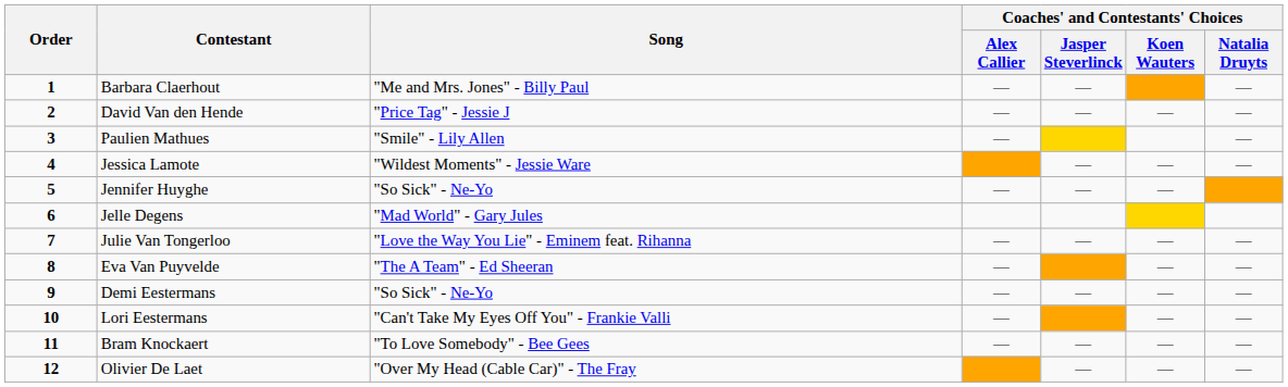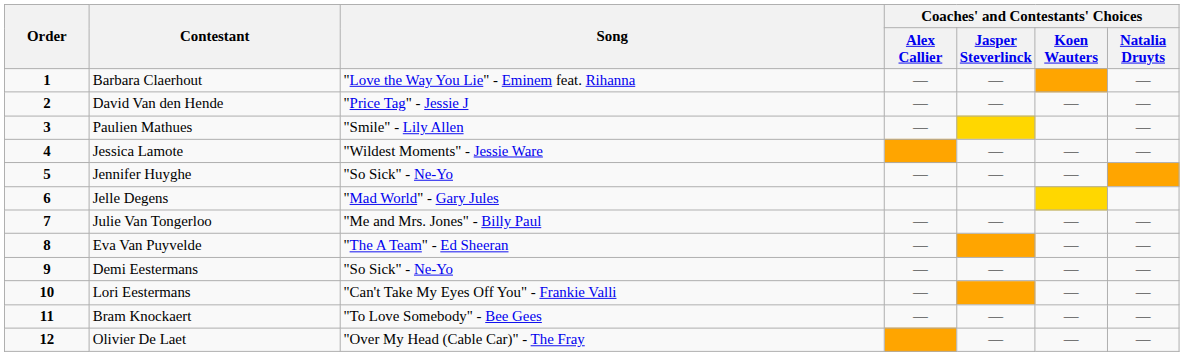 <table class="wikitable" style="width:100%;">
 <tr>
 <th rowspan=2>Order</th>
 <th rowspan=2>Contestant</th>
 <th rowspan=2>Song</th>
 <th colspan=4>Coaches' and Contestants' Choices</th>
 </tr>
 <tr>
 <th width="70"><a href='#'>Alex Callier</a></th>
 <th width="70"><a href='#'>Jasper Steverlinck</a></th>
 <th width="70"><a href='#'>Koen Wauters</a></th>
 <th width="70"><a href='#'>Natalia Druyts</a></th>
 </tr>
 <tr>
 <td align="center"><strong>1</strong></td>
 <td>Barbara Claerhout</td>
-<td>"Me and Mrs. Jones" - <a href='#'>Billy Paul</a></td>
+<td>"<a href='#'>Love the Way You Lie</a>" - <a href='#'>Eminem</a> feat. <a href='#'>Rihanna</a></td>
 <td align="center">—</td>
 <td align="center">—</td>
 <td style="background:orange;text-align:center;"></td>
 <td align="center">—</td>
 </tr>
 <tr>
 <td align="center"><strong>2</strong></td>
 <td>David Van den Hende</td>
 <td>"<a href='#'>Price Tag</a>" - <a href='#'>Jessie J</a></td>
 <td align="center">—</td>
 <td align="center">—</td>
 <td align="center">—</td>
 <td align="center">—</td>
 </tr>
 <tr>
 <td align="center"><strong>3</strong></td>
 <td>Paulien Mathues</td>
 <td>"Smile" - <a href='#'>Lily Allen</a></td>
 <td align="center">—</td>
 <td style="background:gold;text-align:center;"></td>
 <td style="text-align:center;"></td>
 <td align="center">—</td>
 </tr>
 <tr>
 <td align="center"><strong>4</strong></td>
 <td>Jessica Lamote</td>
 <td>"Wildest Moments" - <a href='#'>Jessie Ware</a></td>
 <td style="background:orange;text-align:center;"></td>
 <td align="center">—</td>
 <td align="center">—</td>
 <td align="center">—</td>
 </tr>
 <tr>
 <td align="center"><strong>5</strong></td>
 <td>Jennifer Huyghe</td>
 <td>"So Sick" - <a href='#'>Ne-Yo</a></td>
 <td align="center">—</td>
 <td align="center">—</td>
 <td align="center">—</td>
 <td style="background:orange;text-align:center;"></td>
 </tr>
 <tr>
 <td align="center"><strong>6</strong></td>
 <td>Jelle Degens</td>
 <td>"<a href='#'>Mad World</a>" - <a href='#'>Gary Jules</a></td>
 <td style="text-align:center;"></td>
 <td style="text-align:center;"></td>
 <td style="background:gold;text-align:center;"></td>
 <td style="text-align:center;"></td>
 </tr>
 <tr>
 <td align="center"><strong>7</strong></td>
 <td>Julie Van Tongerloo</td>
-<td>"<a href='#'>Love the Way You Lie</a>" - <a href='#'>Eminem</a> feat. <a href='#'>Rihanna</a></td>
+<td>"Me and Mrs. Jones" - <a href='#'>Billy Paul</a></td>
 <td align="center">—</td>
 <td align="center">—</td>
 <td align="center">—</td>
 <td align="center">—</td>
 </tr>
 <tr>
 <td align="center"><strong>8</strong></td>
 <td>Eva Van Puyvelde</td>
 <td>"<a href='#'>The A Team</a>" - <a href='#'>Ed Sheeran</a></td>
 <td align="center">—</td>
 <td style="background:orange;text-align:center;"></td>
 <td align="center">—</td>
 <td align="center">—</td>
 </tr>
 <tr>
 <td align="center"><strong>9</strong></td>
 <td>Demi Eestermans</td>
 <td>"So Sick" - <a href='#'>Ne-Yo</a></td>
 <td align="center">—</td>
 <td align="center">—</td>
 <td align="center">—</td>
 <td align="center">—</td>
 </tr>
 <tr>
 <td align="center"><strong>10</strong></td>
 <td>Lori Eestermans</td>
 <td>"Can't Take My Eyes Off You" - <a href='#'>Frankie Valli</a></td>
 <td align="center">—</td>
 <td style="background:orange;text-align:center;"></td>
 <td align="center">—</td>
 <td align="center">—</td>
 </tr>
 <tr>
 <td align="center"><strong>11</strong></td>
 <td>Bram Knockaert</td>
 <td>"To Love Somebody" - <a href='#'>Bee Gees</a></td>
 <td align="center">—</td>
 <td align="center">—</td>
 <td align="center">—</td>
 <td align="center">—</td>
 </tr>
 <tr>
 <td align="center"><strong>12</strong></td>
 <td>Olivier De Laet</td>
 <td>"Over My Head (Cable Car)" - <a href='#'>The Fray</a></td>
 <td style="background:orange;text-align:center;"></td>
 <td align="center">—</td>
 <td align="center">—</td>
 <td align="center">—</td>
 </tr>
 </table>
